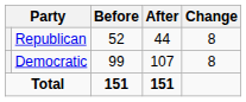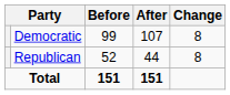 <table class="wikitable" style="text-align:center;">
 <tr>
 <th colspan="2">Party</th>
 <th>Before</th>
 <th>After</th>
 <th>Change</th>
 </tr>
 <tr>
 <th style="background-color:"></th>
-<td style="text-align:left;"><a href='#'>Republican</a></td>
-<td>52</td>
-<td>44</td>
+<td style="text-align:left;"><a href='#'>Democratic</a></td>
+<td>99</td>
+<td>107</td>
 <td> 8</td>
 </tr>
 <tr>
 <th style="background-color:"></th>
-<td style="text-align:left;"><a href='#'>Democratic</a></td>
-<td>99</td>
-<td>107</td>
+<td style="text-align:left;"><a href='#'>Republican</a></td>
+<td>52</td>
+<td>44</td>
 <td> 8</td>
 </tr>
 <tr>
 <td colspan="2"><strong>Total</strong></td>
 <td><strong>151</strong></td>
 <td><strong>151</strong></td>
 <td></td>
 </tr>
 </table>
